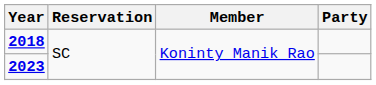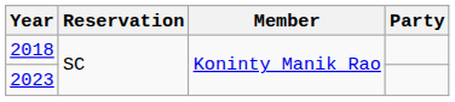 <table class="wikitable sortable">
 <tr>
 <th>Year</th>
 <th>Reservation</th>
 <th>Member</th>
 <th colspan=2>Party</th>
 </tr>
 <tr>
-<td><strong><a href='#'>2018</a></strong></td>
+<td><a href='#'>2018</a></td>
 <td rowspan=2>SC</td>
 <td rowspan=2><a href='#'>Koninty Manik Rao</a></td>
 <td></td>
 </tr>
 <tr>
-<td><strong><a href='#'>2023</a></strong></td>
+<td><a href='#'>2023</a></td>
 <td></td>
 </tr>
 </table>
